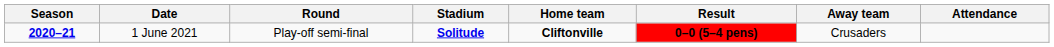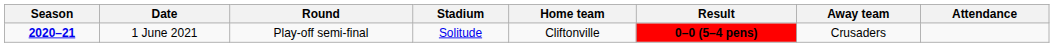 <table class="wikitable" style="text-align: center; width: 75%; font-size: 85%">
 <tr>
 <th>Season</th>
 <th>Date</th>
 <th>Round</th>
 <th>Stadium</th>
 <th>Home team</th>
 <th>Result</th>
 <th>Away team</th>
 <th>Attendance</th>
 </tr>
 <tr>
 <td rowspan=2><strong><a href='#'>2020–21</a></strong></td>
 <td>1 June 2021</td>
 <td>Play-off semi-final</td>
-<td><strong><a href='#'>Solitude</a></strong></td>
-<td><strong>Cliftonville</strong></td>
+<td><a href='#'>Solitude</a></td>
+<td>Cliftonville</td>
 <td style="text-align: center;" bgcolor=red><span><strong>0–0</strong> <strong>(5–4 pens)</strong></span></td>
 <td>Crusaders</td>
 <td></td>
 </tr>
 </table>
